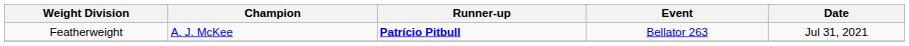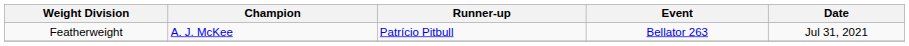 <table class="wikitable" width="99%" style="text-align:center;">
 <tr>
 <th width="18%">Weight Division</th>
 <th width="23%">Champion</th>
 <th width="23%">Runner-up</th>
 <th width="20%">Event</th>
 <th width="15%">Date</th>
 </tr>
 <tr>
 <td>Featherweight</td>
 <td align=left> <a href='#'>A. J. McKee</a></td>
-<td align=left><strong> <a href='#'>Patrício Pitbull</a></strong></td>
+<td align=left> <a href='#'>Patrício Pitbull</a></td>
 <td><a href='#'>Bellator 263</a></td>
 <td>Jul 31, 2021</td>
 </tr>
 <tr>
 </tr>
 </table>
